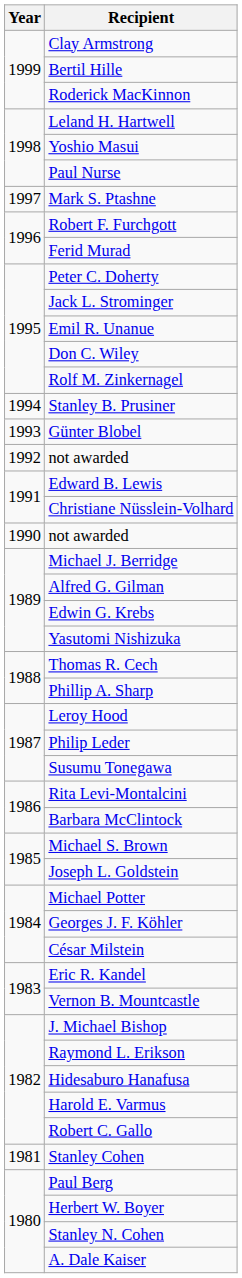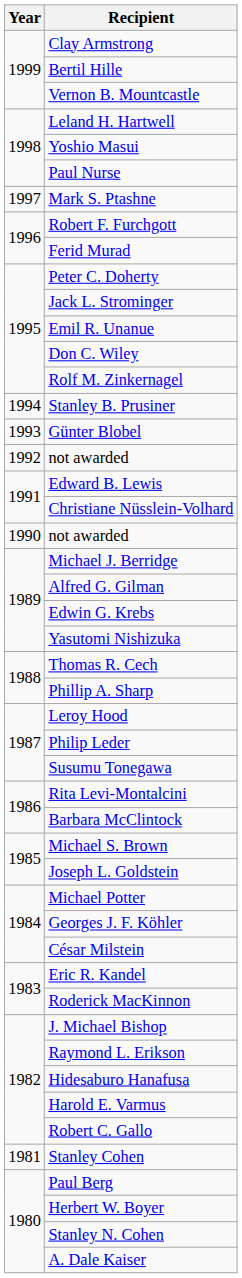 <table class="wikitable" style="display:inline-table;">
 <tr>
 <th>Year</th>
 <th>Recipient</th>
 </tr>
 <tr>
 <td Rowspan="3">1999</td>
 <td><a href='#'>Clay Armstrong</a></td>
 </tr>
 <tr>
 <td><a href='#'>Bertil Hille</a></td>
 </tr>
 <tr>
-<td><a href='#'>Roderick MacKinnon</a></td>
+<td><a href='#'>Vernon B. Mountcastle</a></td>
 </tr>
 <tr>
 <td Rowspan="3">1998</td>
 <td><a href='#'>Leland H. Hartwell</a></td>
 </tr>
 <tr>
 <td><a href='#'>Yoshio Masui</a></td>
 </tr>
 <tr>
 <td><a href='#'>Paul Nurse</a></td>
 </tr>
 <tr>
 <td Rowspan="1">1997</td>
 <td><a href='#'>Mark S. Ptashne</a></td>
 </tr>
 <tr>
 <td Rowspan="2">1996</td>
 <td><a href='#'>Robert F. Furchgott</a></td>
 </tr>
 <tr>
 <td><a href='#'>Ferid Murad</a></td>
 </tr>
 <tr>
 <td Rowspan="5">1995</td>
 <td><a href='#'>Peter C. Doherty</a></td>
 </tr>
 <tr>
 <td><a href='#'>Jack L. Strominger</a></td>
 </tr>
 <tr>
 <td><a href='#'>Emil R. Unanue</a></td>
 </tr>
 <tr>
 <td><a href='#'>Don C. Wiley</a></td>
 </tr>
 <tr>
 <td><a href='#'>Rolf M. Zinkernagel</a></td>
 </tr>
 <tr>
 <td Rowspan="1">1994</td>
 <td><a href='#'>Stanley B. Prusiner</a></td>
 </tr>
 <tr>
 <td Rowspan="1">1993</td>
 <td><a href='#'>Günter Blobel</a></td>
 </tr>
 <tr>
 <td Rowspan="1">1992</td>
 <td>not awarded  </td>
 </tr>
 <tr>
 <td Rowspan="2">1991</td>
 <td><a href='#'>Edward B. Lewis</a></td>
 </tr>
 <tr>
 <td><a href='#'>Christiane Nüsslein-Volhard</a></td>
 </tr>
 <tr>
 <td Rowspan="1">1990</td>
 <td>not awarded  </td>
 </tr>
 <tr>
 <td Rowspan="4">1989</td>
 <td><a href='#'>Michael J. Berridge</a></td>
 </tr>
 <tr>
 <td><a href='#'>Alfred G. Gilman</a></td>
 </tr>
 <tr>
 <td><a href='#'>Edwin G. Krebs</a></td>
 </tr>
 <tr>
 <td><a href='#'>Yasutomi Nishizuka</a></td>
 </tr>
 <tr>
 <td Rowspan="2">1988</td>
 <td><a href='#'>Thomas R. Cech</a></td>
 </tr>
 <tr>
 <td><a href='#'>Phillip A. Sharp</a></td>
 </tr>
 <tr>
 <td Rowspan="3">1987</td>
 <td><a href='#'>Leroy Hood</a></td>
 </tr>
 <tr>
 <td><a href='#'>Philip Leder</a></td>
 </tr>
 <tr>
 <td><a href='#'>Susumu Tonegawa</a></td>
 </tr>
 <tr>
 <td Rowspan="2">1986</td>
 <td><a href='#'>Rita Levi-Montalcini</a></td>
 </tr>
 <tr>
 <td><a href='#'>Barbara McClintock</a></td>
 </tr>
 <tr>
 <td Rowspan="2">1985</td>
 <td><a href='#'>Michael S. Brown</a></td>
 </tr>
 <tr>
 <td><a href='#'>Joseph L. Goldstein</a></td>
 </tr>
 <tr>
 <td Rowspan="3">1984</td>
 <td><a href='#'>Michael Potter</a></td>
 </tr>
 <tr>
 <td><a href='#'>Georges J. F. Köhler</a></td>
 </tr>
 <tr>
 <td><a href='#'>César Milstein</a></td>
 </tr>
 <tr>
 <td Rowspan="2">1983</td>
 <td><a href='#'>Eric R. Kandel</a></td>
 </tr>
 <tr>
-<td><a href='#'>Vernon B. Mountcastle</a></td>
+<td><a href='#'>Roderick MacKinnon</a></td>
 </tr>
 <tr>
 <td Rowspan="5">1982</td>
 <td><a href='#'>J. Michael Bishop</a></td>
 </tr>
 <tr>
 <td><a href='#'>Raymond L. Erikson</a></td>
 </tr>
 <tr>
 <td><a href='#'>Hidesaburo Hanafusa</a></td>
 </tr>
 <tr>
 <td><a href='#'>Harold E. Varmus</a></td>
 </tr>
 <tr>
 <td><a href='#'>Robert C. Gallo</a></td>
 </tr>
 <tr>
 <td Rowspan="1">1981</td>
 <td><a href='#'>Stanley Cohen</a></td>
 </tr>
 <tr>
 <td Rowspan="4">1980</td>
 <td><a href='#'>Paul Berg</a></td>
 </tr>
 <tr>
 <td><a href='#'>Herbert W. Boyer</a></td>
 </tr>
 <tr>
 <td><a href='#'>Stanley N. Cohen</a></td>
 </tr>
 <tr>
 <td><a href='#'>A. Dale Kaiser</a></td>
 </tr>
 </table>
